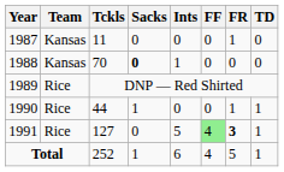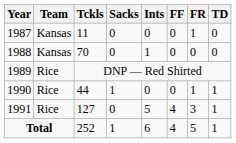 <table class="wikitable" border="1">
 <tr>
 <th><strong>Year</strong></th>
 <th>Team</th>
 <th>Tckls</th>
 <th>Sacks</th>
 <th>Ints</th>
 <th>FF</th>
 <th>FR</th>
 <th>TD</th>
 </tr>
 <tr>
 <td>1987</td>
 <td>Kansas</td>
 <td>11</td>
 <td>0</td>
 <td>0</td>
 <td>0</td>
 <td>1</td>
 <td>0</td>
 </tr>
 <tr>
 <td>1988</td>
 <td>Kansas</td>
 <td>70</td>
-<td><strong>0</strong></td>
+<td>0</td>
 <td>1</td>
 <td>0</td>
 <td>0</td>
 <td>0</td>
 </tr>
 <tr>
 <td>1989</td>
 <td>Rice</td>
 <td colspan="6" style="text-align: center;">DNP — Red Shirted</td>
 </tr>
 <tr>
 <td>1990</td>
 <td>Rice</td>
 <td>44</td>
 <td>1</td>
 <td>0</td>
 <td>0</td>
 <td>1</td>
 <td>1</td>
 </tr>
 <tr>
 <td>1991</td>
 <td>Rice</td>
 <td>127</td>
 <td>0</td>
 <td>5</td>
-<td style="background: lightgreen;">4</td>
-<td><strong>3</strong></td>
+<td>4</td>
+<td>3</td>
 <td>1</td>
 </tr>
 <tr>
 <td colspan="2" style="text-align: center;"><strong>Total</strong></td>
 <td>252</td>
 <td>1</td>
 <td>6</td>
 <td>4</td>
 <td>5</td>
 <td>1</td>
 </tr>
 </table>
